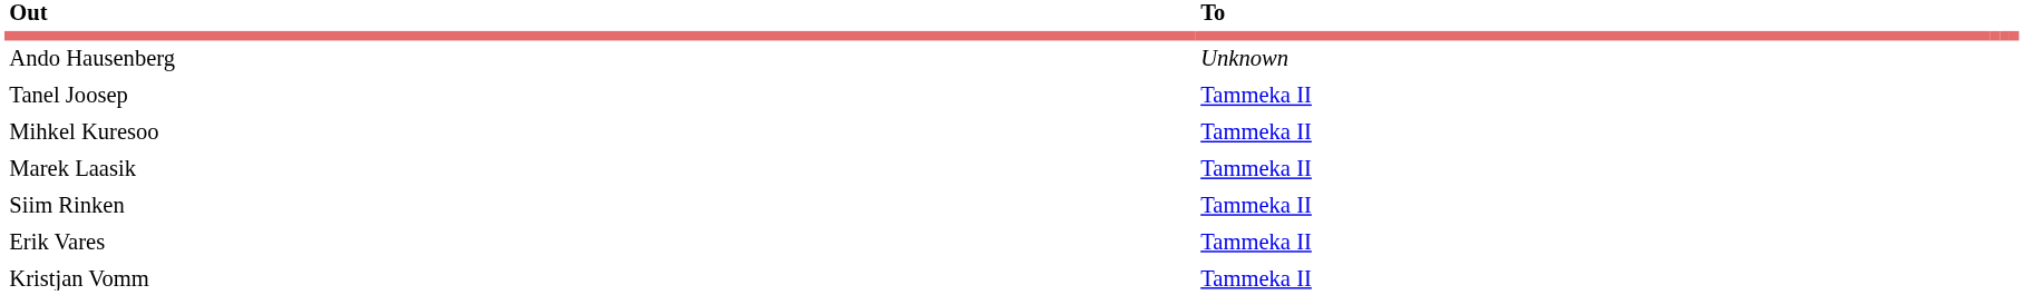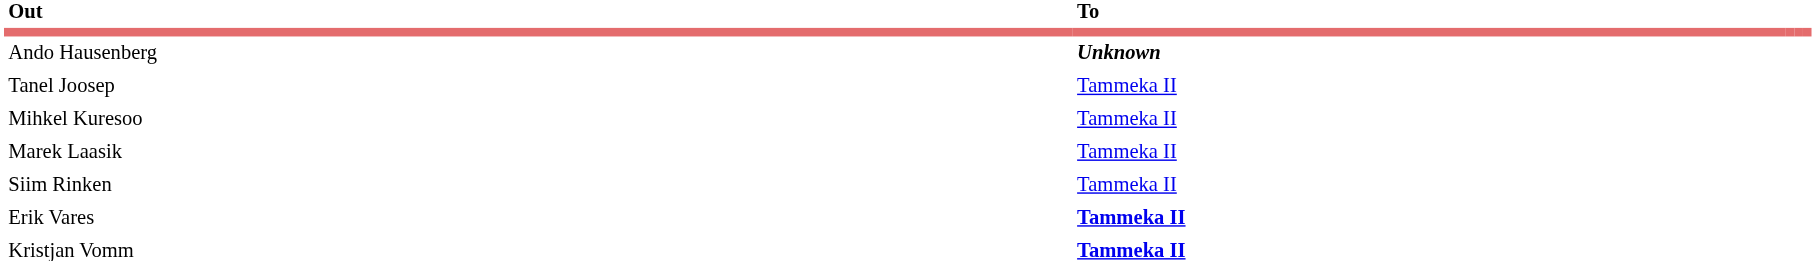 <table cellspacing="0" cellpadding="3" style="width:100%;font-size:90%">
 <tr>
 <td style="width:60%"><strong>Out</strong></td>
 <td style="width:40%"><strong>To</strong></td>
 <td></td>
 </tr>
 <tr style="background-color:#E46C6D;">
 <td></td>
 <td></td>
 <td></td>
 <td></td>
 <td></td>
 </tr>
 <tr>
 <td> Ando Hausenberg</td>
-<td><em>Unknown</em></td>
+<td><strong><em>Unknown</em></strong></td>
 </tr>
 <tr>
 <td> Tanel Joosep</td>
 <td><a href='#'>Tammeka II</a></td>
 </tr>
 <tr>
 <td> Mihkel Kuresoo</td>
 <td><a href='#'>Tammeka II</a></td>
 </tr>
 <tr>
 <td> Marek Laasik</td>
 <td><a href='#'>Tammeka II</a></td>
 </tr>
 <tr>
 <td> Siim Rinken</td>
 <td><a href='#'>Tammeka II</a></td>
 </tr>
 <tr>
 <td> Erik Vares</td>
-<td><a href='#'>Tammeka II</a></td>
+<td><strong><a href='#'>Tammeka II</a></strong></td>
 </tr>
 <tr>
 <td> Kristjan Vomm</td>
-<td><a href='#'>Tammeka II</a></td>
+<td><strong><a href='#'>Tammeka II</a></strong></td>
 </tr>
 </table>
